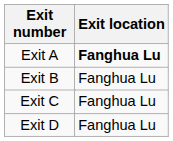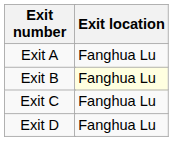 <table class="wikitable">
 <tr>
 <th style="width:70px" colspan="2">Exit number</th>
 <th>Exit location</th>
 </tr>
 <tr>
 <td align="center" colspan="2">Exit A</td>
-<td><strong>Fanghua Lu</strong></td>
+<td>Fanghua Lu</td>
 </tr>
 <tr>
 <td align="center" colspan="2">Exit B</td>
-<td>Fanghua Lu</td>
+<td style="background: lightyellow;">Fanghua Lu</td>
 </tr>
 <tr>
 <td align="center" colspan="2">Exit C</td>
 <td>Fanghua Lu</td>
 </tr>
 <tr>
 <td align="center" colspan="2">Exit D</td>
 <td>Fanghua Lu</td>
 </tr>
 </table>
